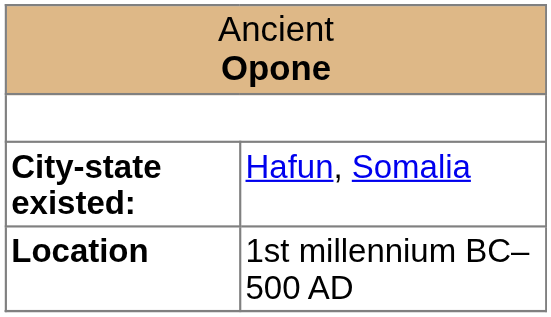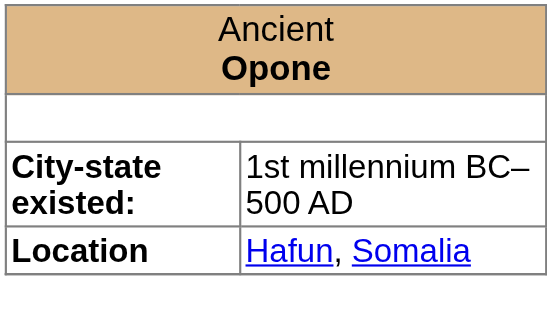 <table class="toccolours" border="1" cellpadding="2" cellspacing="2" style="float: right; margin: 0 0 1em 1em; width: 250px; border-collapse: collapse; font-size: 95%;">
 <tr>
 <td colspan="2" style="margin-left: inherit; background:#DEB887; text-align:center; font-size: medium;">Ancient<br><strong>Opone</strong></td>
 </tr>
 <tr align="center">
 <td colspan="2"><div><br></div></td>
 </tr>
 <tr style="vertical-align: top;">
 <td><strong>City-state existed:</strong></td>
-<td><a href='#'>Hafun</a>, <a href='#'>Somalia</a></td>
+<td>1st millennium BC–500 AD</td>
 </tr>
 <tr style="vertical-align: top;">
 <td><strong>Location</strong></td>
-<td>1st millennium BC–500 AD</td>
+<td><a href='#'>Hafun</a>, <a href='#'>Somalia</a></td>
 </tr>
 <tr style="vertical-align: top;">
 </tr>
 </table>
